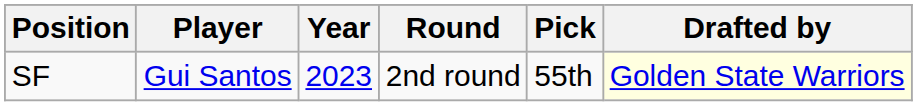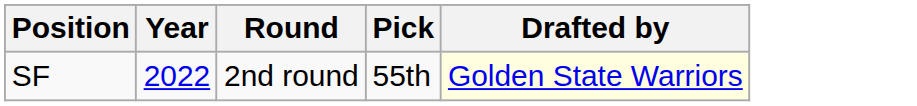 <table class="wikitable sortable" style="text-align: left;">
 <tr>
 <th>Position</th>
-<th>Player</th>
 <th>Year</th>
 <th>Round</th>
 <th>Pick</th>
 <th>Drafted by</th>
 </tr>
 <tr>
 <td>SF</td>
-<td> <a href='#'>Gui Santos</a></td>
-<td><a href='#'>2023</a></td>
+<td><a href='#'>2022</a></td>
 <td>2nd round</td>
 <td>55th</td>
 <td style="background: lightyellow;"><a href='#'>Golden State Warriors</a></td>
 </tr>
 </table>
